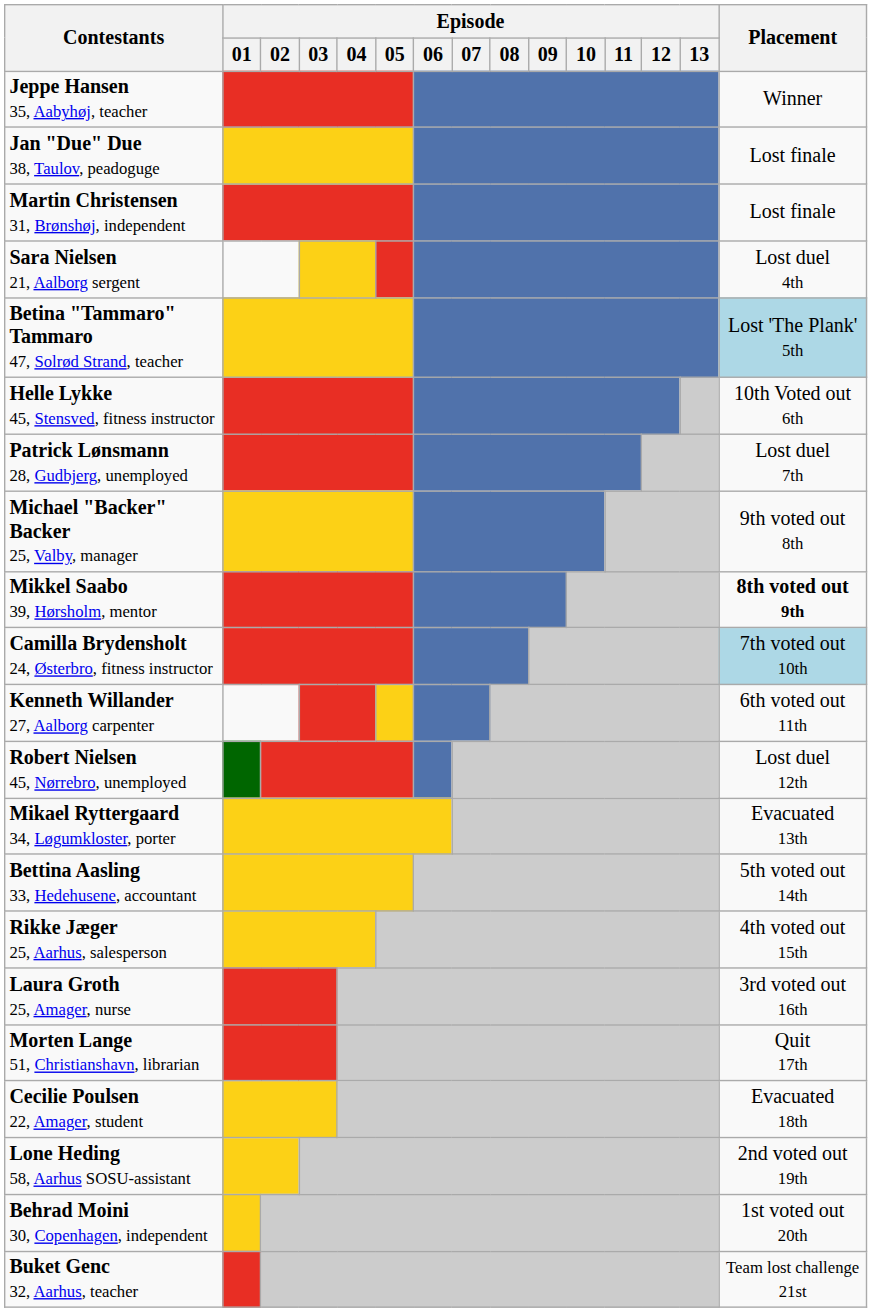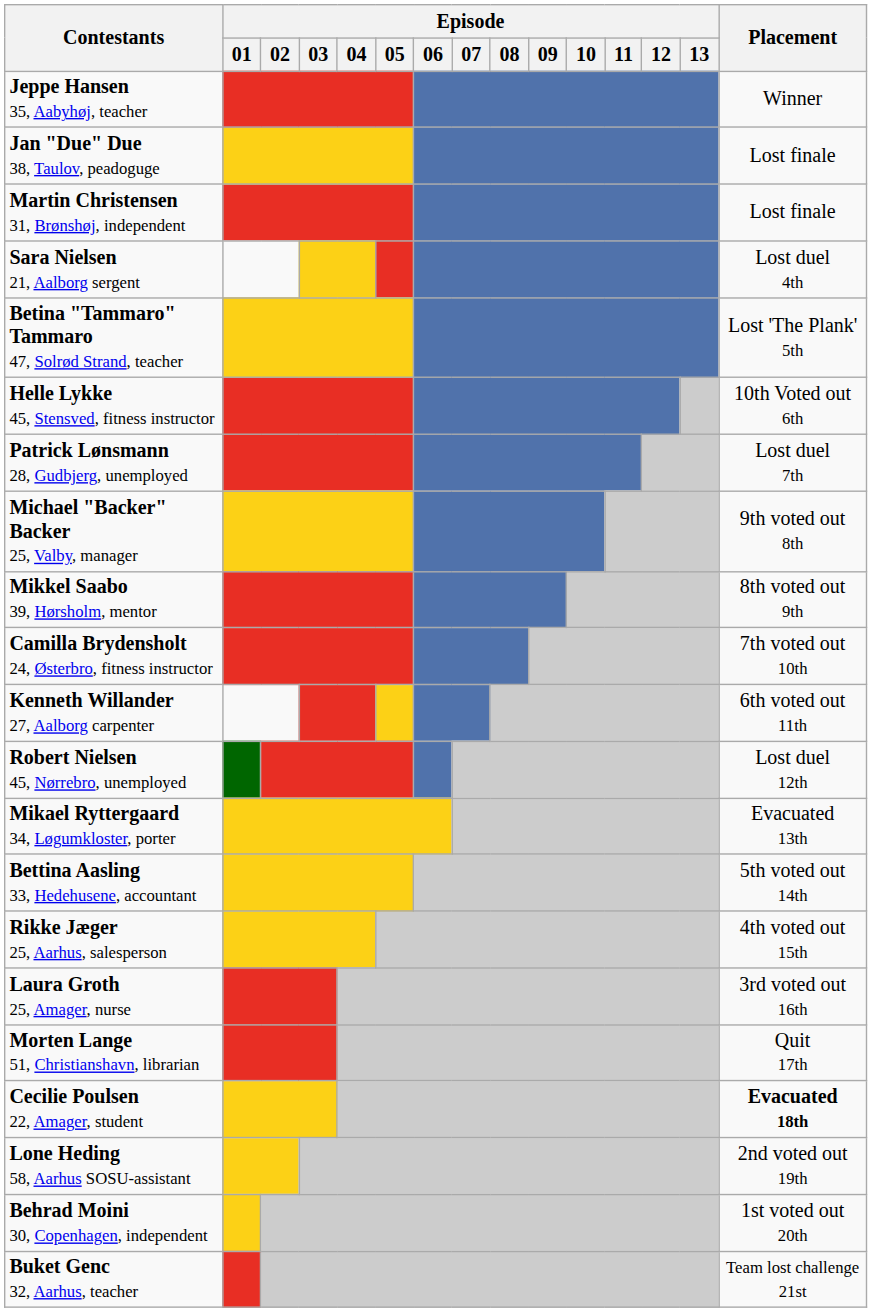 <table class="wikitable" style="font-size:90%; text-align:center;">
 <tr>
 <th rowspan=2 width=150px>Contestants</th>
 <th colspan=13 width=350px>Episode</th>
 <th rowspan=2 width=100px>Placement</th>
 </tr>
 <tr>
 <th>01</th>
 <th>02</th>
 <th>03</th>
 <th>04</th>
 <th>05</th>
 <th>06</th>
 <th>07</th>
 <th>08</th>
 <th>09</th>
 <th>10</th>
 <th>11</th>
 <th>12</th>
 <th>13</th>
 </tr>
 <tr>
 <td align=left><strong>Jeppe Hansen</strong><br><small>35, <a href='#'>Aabyhøj</a>, teacher</small></td>
 <td colspan=5 bgcolor="E82E24"></td>
 <td colspan=8 bgcolor="5072AB"></td>
 <td>Winner</td>
 </tr>
 <tr>
 <td align=left><strong>Jan "Due" Due</strong><br><small>38, <a href='#'>Taulov</a>, peadoguge</small></td>
 <td colspan=5 bgcolor="FCD116"></td>
 <td colspan=8 bgcolor="5072AB"></td>
 <td>Lost finale</td>
 </tr>
 <tr>
 <td align=left><strong>Martin Christensen</strong><br><small>31, <a href='#'>Brønshøj</a>, independent</small></td>
 <td colspan=5 bgcolor="E82E24"></td>
 <td colspan=8 bgcolor="5072AB"></td>
 <td>Lost finale</td>
 </tr>
 <tr>
 <td align=left><strong>Sara Nielsen</strong><br><small>21, <a href='#'>Aalborg</a> sergent</small></td>
 <td colspan=2></td>
 <td colspan=2 bgcolor="FCD116"></td>
 <td colspan=1 bgcolor="E82E24"></td>
 <td colspan=8 bgcolor="5072AB"></td>
 <td>Lost duel<br><small>4th</small></td>
 </tr>
 <tr>
 <td align=left><strong>Betina "Tammaro" Tammaro</strong><br><small>47, <a href='#'>Solrød Strand</a>, teacher</small></td>
 <td colspan=5 bgcolor="FCD116"></td>
 <td colspan=8 bgcolor="5072AB"></td>
-<td style="background: lightblue;">Lost 'The Plank'<br><small>5th</small></td>
+<td>Lost 'The Plank'<br><small>5th</small></td>
 </tr>
 <tr>
 <td align=left><strong>Helle Lykke</strong><br><small>45, <a href='#'>Stensved</a>, fitness instructor</small></td>
 <td colspan=5 bgcolor="E82E24"></td>
 <td colspan=7 bgcolor="5072AB"></td>
 <td colspan=1 bgcolor="CCCCCC"></td>
 <td>10th Voted out<br><small>6th</small></td>
 </tr>
 <tr>
 <td align=left><strong>Patrick Lønsmann</strong><br><small>28, <a href='#'>Gudbjerg</a>, unemployed</small></td>
 <td colspan=5 bgcolor="E82E24"></td>
 <td colspan=6 bgcolor="5072AB"></td>
 <td colspan=2 bgcolor="CCCCCC"></td>
 <td>Lost duel<br><small>7th</small></td>
 </tr>
 <tr>
 <td align=left><strong>Michael "Backer" Backer</strong><br><small>25, <a href='#'>Valby</a>, manager</small></td>
 <td colspan=5 bgcolor="FCD116"></td>
 <td colspan=5 bgcolor="5072AB"></td>
 <td colspan=3 bgcolor="CCCCCC"></td>
 <td>9th voted out<br><small>8th</small></td>
 </tr>
 <tr>
 <td align=left><strong>Mikkel Saabo</strong><br><small>39, <a href='#'>Hørsholm</a>, mentor</small></td>
 <td colspan=5 bgcolor="E82E24"></td>
 <td colspan=4 bgcolor="5072AB"></td>
 <td colspan=4 bgcolor="CCCCCC"></td>
-<td><strong>8th voted out<br><small>9th</small></strong></td>
+<td>8th voted out<br><small>9th</small></td>
 </tr>
 <tr>
 <td align=left><strong>Camilla Brydensholt</strong><br><small>24, <a href='#'>Østerbro</a>, fitness instructor</small></td>
 <td colspan=5 bgcolor="E82E24"></td>
 <td colspan=3 bgcolor="5072AB"></td>
 <td colspan=5 bgcolor="CCCCCC"></td>
-<td style="background: lightblue;">7th voted out<br><small>10th</small></td>
+<td>7th voted out<br><small>10th</small></td>
 </tr>
 <tr>
 <td align=left><strong>Kenneth Willander</strong><br><small>27, <a href='#'>Aalborg</a> carpenter</small></td>
 <td colspan=2></td>
 <td colspan=2 bgcolor="E82E24"></td>
 <td colspan=1 bgcolor="FCD116"></td>
 <td colspan=2 bgcolor="5072AB"></td>
 <td colspan=6 bgcolor="CCCCCC"></td>
 <td>6th voted out<br><small>11th</small></td>
 </tr>
 <tr>
 <td align=left><strong>Robert Nielsen</strong><br><small>45, <a href='#'>Nørrebro</a>, unemployed</small></td>
 <td colspan=1 bgcolor="006600"></td>
 <td colspan=4 bgcolor="E82E24"></td>
 <td colspan=1 bgcolor="5072AB"></td>
 <td colspan=7 bgcolor="CCCCCC"></td>
 <td>Lost duel<br><small>12th</small></td>
 </tr>
 <tr>
 <td align=left><strong>Mikael Ryttergaard</strong><br><small>34, <a href='#'>Løgumkloster</a>, porter</small></td>
 <td colspan=6 bgcolor="FCD116"></td>
 <td colspan=7 bgcolor="CCCCCC"></td>
 <td>Evacuated<br><small>13th</small></td>
 </tr>
 <tr>
 <td align=left><strong>Bettina Aasling</strong><br><small>33, <a href='#'>Hedehusene</a>, accountant</small></td>
 <td colspan=5 bgcolor="FCD116"></td>
 <td colspan=8 bgcolor="CCCCCC"></td>
 <td>5th voted out<br><small>14th</small></td>
 </tr>
 <tr>
 <td align=left><strong>Rikke Jæger</strong><br><small>25, <a href='#'>Aarhus</a>, salesperson</small></td>
 <td colspan=4 bgcolor="FCD116"></td>
 <td colspan=9 bgcolor="CCCCCC"></td>
 <td>4th voted out<br><small>15th</small></td>
 </tr>
 <tr>
 <td align=left><strong>Laura Groth</strong><br><small>25, <a href='#'>Amager</a>, nurse</small></td>
 <td colspan=3 bgcolor="E82E24"></td>
 <td colspan=10 bgcolor="CCCCCC"></td>
 <td>3rd voted out<br><small>16th</small></td>
 </tr>
 <tr>
 <td align=left><strong>Morten Lange</strong><br><small>51, <a href='#'>Christianshavn</a>,  librarian</small></td>
 <td colspan=3 bgcolor="E82E24"></td>
 <td colspan=10 bgcolor="CCCCCC"></td>
 <td>Quit<br><small>17th</small></td>
 </tr>
 <tr>
 <td align=left><strong>Cecilie Poulsen</strong><br><small>22, <a href='#'>Amager</a>, student</small></td>
 <td colspan=3 bgcolor="FCD116"></td>
 <td colspan=10 bgcolor="CCCCCC"></td>
-<td>Evacuated<br><small>18th</small></td>
+<td><strong>Evacuated<br><small>18th</small></strong></td>
 </tr>
 <tr>
 <td align=left><strong>Lone Heding</strong><br><small>58, <a href='#'>Aarhus</a> SOSU-assistant</small></td>
 <td colspan=2 bgcolor="FCD116"></td>
 <td colspan=11 bgcolor="CCCCCC"></td>
 <td>2nd voted out<br><small>19th</small></td>
 </tr>
 <tr>
 <td align=left><strong>Behrad Moini</strong><br><small>30, <a href='#'>Copenhagen</a>, independent</small></td>
 <td colspan=1 bgcolor="FCD116"></td>
 <td colspan=12 bgcolor="CCCCCC"></td>
 <td>1st voted out<br><small>20th</small></td>
 </tr>
 <tr>
 <td align=left><strong>Buket Genc</strong><br><small>32, <a href='#'>Aarhus</a>, teacher</small></td>
 <td colspan=1 bgcolor="E82E24"></td>
 <td colspan=12 bgcolor="CCCCCC"></td>
 <td><small>Team lost challenge<br>21st</small></td>
 </tr>
 </table>
